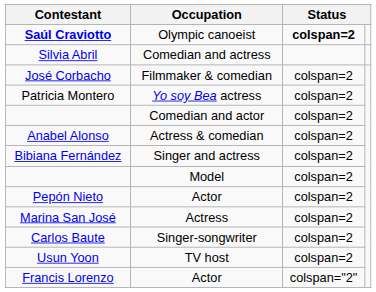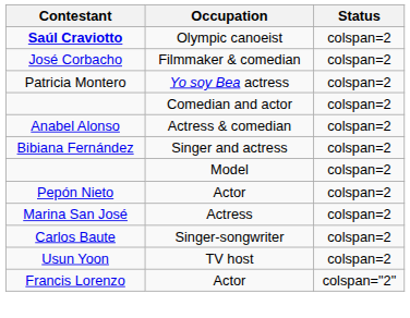 <table class="wikitable" style="margin:auto; text-align:center; width:70%; font-size:95%">
 <tr>
 <th>Contestant</th>
 <th>Occupation</th>
 <th colspan=2>Status</th>
 </tr>
 <tr>
 <td><strong><a href='#'>Saúl Craviotto</a></strong></td>
 <td>Olympic canoeist</td>
-<td><strong>colspan=2 </strong></td>
-</tr>
-<tr>
-<td><a href='#'>Silvia Abril</a></td>
-<td>Comedian and actress</td>
-<td></td>
-<td></td>
+<td>colspan=2 </td>
 </tr>
 <tr>
 <td><a href='#'>José Corbacho</a></td>
 <td>Filmmaker & comedian</td>
 <td>colspan=2 </td>
 </tr>
 <tr>
 <td>Patricia Montero</td>
 <td><em><a href='#'>Yo soy Bea</a></em> actress</td>
 <td>colspan=2 </td>
 </tr>
 <tr>
 <td></td>
 <td>Comedian and actor</td>
 <td>colspan=2 </td>
 </tr>
 <tr>
 <td><a href='#'>Anabel Alonso</a></td>
 <td>Actress & comedian</td>
 <td>colspan=2 </td>
 </tr>
 <tr>
 <td><a href='#'>Bibiana Fernández</a></td>
 <td>Singer and actress</td>
 <td>colspan=2 </td>
 </tr>
 <tr>
 <td></td>
 <td>Model</td>
 <td>colspan=2 </td>
 </tr>
 <tr>
 <td><a href='#'>Pepón Nieto</a></td>
 <td>Actor</td>
 <td>colspan=2 </td>
 </tr>
 <tr>
 <td><a href='#'>Marina San José</a></td>
 <td>Actress</td>
 <td>colspan=2 </td>
 </tr>
 <tr>
 <td><a href='#'>Carlos Baute</a></td>
 <td>Singer-songwriter</td>
 <td>colspan=2 </td>
 </tr>
 <tr>
 <td><a href='#'>Usun Yoon</a></td>
 <td>TV host</td>
 <td>colspan=2 </td>
 </tr>
 <tr>
 <td><a href='#'>Francis Lorenzo</a></td>
 <td>Actor</td>
 <td>colspan="2" </td>
 </tr>
 </table>
